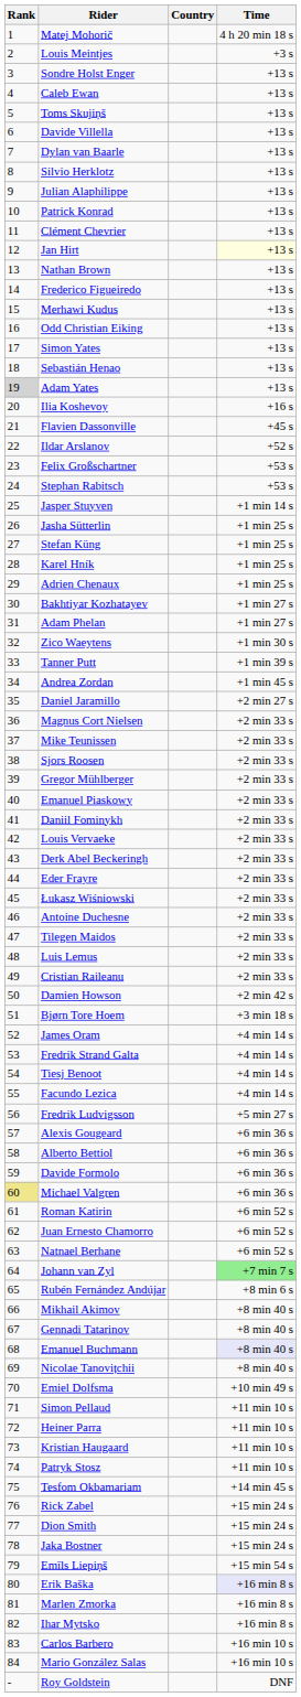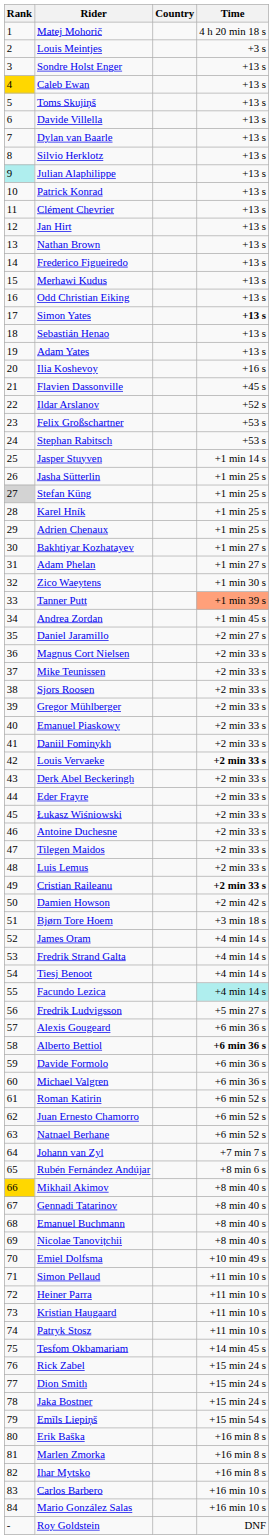 <table class="wikitable" style="font-size:95%; text-align:left;">
 <tr>
 <th>Rank</th>
 <th>Rider</th>
 <th>Country</th>
 <th>Time</th>
 </tr>
 <tr>
 <td>1</td>
 <td><a href='#'>Matej Mohorič</a></td>
 <td></td>
 <td align=right>4 h 20 min 18 s</td>
 </tr>
 <tr>
 <td>2</td>
 <td><a href='#'>Louis Meintjes</a></td>
 <td></td>
 <td align=right>+3 s</td>
 </tr>
 <tr>
 <td>3</td>
 <td><a href='#'>Sondre Holst Enger</a></td>
 <td></td>
 <td align=right>+13 s</td>
 </tr>
 <tr>
-<td>4</td>
+<td style="background: gold;">4</td>
 <td><a href='#'>Caleb Ewan</a></td>
 <td></td>
 <td align=right>+13 s</td>
 </tr>
 <tr>
 <td>5</td>
 <td><a href='#'>Toms Skujiņš</a></td>
 <td></td>
 <td align=right>+13 s</td>
 </tr>
 <tr>
 <td>6</td>
 <td><a href='#'>Davide Villella</a></td>
 <td></td>
 <td align=right>+13 s</td>
 </tr>
 <tr>
 <td>7</td>
 <td><a href='#'>Dylan van Baarle</a></td>
 <td></td>
 <td align=right>+13 s</td>
 </tr>
 <tr>
 <td>8</td>
 <td><a href='#'>Silvio Herklotz</a></td>
 <td></td>
 <td align=right>+13 s</td>
 </tr>
 <tr>
-<td>9</td>
+<td style="background: paleturquoise;">9</td>
 <td><a href='#'>Julian Alaphilippe</a></td>
 <td></td>
 <td align=right>+13 s</td>
 </tr>
 <tr>
 <td>10</td>
 <td><a href='#'>Patrick Konrad</a></td>
 <td></td>
 <td align=right>+13 s</td>
 </tr>
 <tr>
 <td>11</td>
 <td><a href='#'>Clément Chevrier</a></td>
 <td></td>
 <td align=right>+13 s</td>
 </tr>
 <tr>
 <td>12</td>
 <td><a href='#'>Jan Hirt</a></td>
 <td></td>
-<td align=right style="background: lightyellow;">+13 s</td>
+<td align=right>+13 s</td>
 </tr>
 <tr>
 <td>13</td>
 <td><a href='#'>Nathan Brown</a></td>
 <td></td>
 <td align=right>+13 s</td>
 </tr>
 <tr>
 <td>14</td>
 <td><a href='#'>Frederico Figueiredo</a></td>
 <td></td>
 <td align=right>+13 s</td>
 </tr>
 <tr>
 <td>15</td>
 <td><a href='#'>Merhawi Kudus</a></td>
 <td></td>
 <td align=right>+13 s</td>
 </tr>
 <tr>
 <td>16</td>
 <td><a href='#'>Odd Christian Eiking</a></td>
 <td></td>
 <td align=right>+13 s</td>
 </tr>
 <tr>
 <td>17</td>
 <td><a href='#'>Simon Yates</a></td>
 <td></td>
-<td align=right>+13 s</td>
+<td align=right><strong>+13 s</strong></td>
 </tr>
 <tr>
 <td>18</td>
 <td><a href='#'>Sebastián Henao</a></td>
 <td></td>
 <td align=right>+13 s</td>
 </tr>
 <tr>
-<td style="background: lightgrey;">19</td>
+<td>19</td>
 <td><a href='#'>Adam Yates</a></td>
 <td></td>
 <td align=right>+13 s</td>
 </tr>
 <tr>
 <td>20</td>
 <td><a href='#'>Ilia Koshevoy</a></td>
 <td></td>
 <td align=right>+16 s</td>
 </tr>
 <tr>
 <td>21</td>
 <td><a href='#'>Flavien Dassonville</a></td>
 <td></td>
 <td align=right>+45 s</td>
 </tr>
 <tr>
 <td>22</td>
 <td><a href='#'>Ildar Arslanov</a></td>
 <td></td>
 <td align=right>+52 s</td>
 </tr>
 <tr>
 <td>23</td>
 <td><a href='#'>Felix Großschartner</a></td>
 <td></td>
 <td align=right>+53 s</td>
 </tr>
 <tr>
 <td>24</td>
 <td><a href='#'>Stephan Rabitsch</a></td>
 <td></td>
 <td align=right>+53 s</td>
 </tr>
 <tr>
 <td>25</td>
 <td><a href='#'>Jasper Stuyven</a></td>
 <td></td>
 <td align=right>+1 min 14 s</td>
 </tr>
 <tr>
 <td>26</td>
 <td><a href='#'>Jasha Sütterlin</a></td>
 <td></td>
 <td align=right>+1 min 25 s</td>
 </tr>
 <tr>
-<td>27</td>
+<td style="background: lightgrey;">27</td>
 <td><a href='#'>Stefan Küng</a></td>
 <td></td>
 <td align=right>+1 min 25 s</td>
 </tr>
 <tr>
 <td>28</td>
 <td><a href='#'>Karel Hník</a></td>
 <td></td>
 <td align=right>+1 min 25 s</td>
 </tr>
 <tr>
 <td>29</td>
 <td><a href='#'>Adrien Chenaux</a></td>
 <td></td>
 <td align=right>+1 min 25 s</td>
 </tr>
 <tr>
 <td>30</td>
 <td><a href='#'>Bakhtiyar Kozhatayev</a></td>
 <td></td>
 <td align=right>+1 min 27 s</td>
 </tr>
 <tr>
 <td>31</td>
 <td><a href='#'>Adam Phelan</a></td>
 <td></td>
 <td align=right>+1 min 27 s</td>
 </tr>
 <tr>
 <td>32</td>
 <td><a href='#'>Zico Waeytens</a></td>
 <td></td>
 <td align=right>+1 min 30 s</td>
 </tr>
 <tr>
 <td>33</td>
 <td><a href='#'>Tanner Putt</a></td>
 <td></td>
-<td align=right>+1 min 39 s</td>
+<td align=right style="background: lightsalmon;">+1 min 39 s</td>
 </tr>
 <tr>
 <td>34</td>
 <td><a href='#'>Andrea Zordan</a></td>
 <td></td>
 <td align=right>+1 min 45 s</td>
 </tr>
 <tr>
 <td>35</td>
 <td><a href='#'>Daniel Jaramillo</a></td>
 <td></td>
 <td align=right>+2 min 27 s</td>
 </tr>
 <tr>
 <td>36</td>
 <td><a href='#'>Magnus Cort Nielsen</a></td>
 <td></td>
 <td align=right>+2 min 33 s</td>
 </tr>
 <tr>
 <td>37</td>
 <td><a href='#'>Mike Teunissen</a></td>
 <td></td>
 <td align=right>+2 min 33 s</td>
 </tr>
 <tr>
 <td>38</td>
 <td><a href='#'>Sjors Roosen</a></td>
 <td></td>
 <td align=right>+2 min 33 s</td>
 </tr>
 <tr>
 <td>39</td>
 <td><a href='#'>Gregor Mühlberger</a></td>
 <td></td>
 <td align=right>+2 min 33 s</td>
 </tr>
 <tr>
 <td>40</td>
 <td><a href='#'>Emanuel Piaskowy</a></td>
 <td></td>
 <td align=right>+2 min 33 s</td>
 </tr>
 <tr>
 <td>41</td>
 <td><a href='#'>Daniil Fominykh</a></td>
 <td></td>
 <td align=right>+2 min 33 s</td>
 </tr>
 <tr>
 <td>42</td>
 <td><a href='#'>Louis Vervaeke</a></td>
 <td></td>
-<td align=right>+2 min 33 s</td>
+<td align=right><strong>+2 min 33 s</strong></td>
 </tr>
 <tr>
 <td>43</td>
 <td><a href='#'>Derk Abel Beckeringh</a></td>
 <td></td>
 <td align=right>+2 min 33 s</td>
 </tr>
 <tr>
 <td>44</td>
 <td><a href='#'>Eder Frayre</a></td>
 <td></td>
 <td align=right>+2 min 33 s</td>
 </tr>
 <tr>
 <td>45</td>
 <td><a href='#'>Łukasz Wiśniowski</a></td>
 <td></td>
 <td align=right>+2 min 33 s</td>
 </tr>
 <tr>
 <td>46</td>
 <td><a href='#'>Antoine Duchesne</a></td>
 <td></td>
 <td align=right>+2 min 33 s</td>
 </tr>
 <tr>
 <td>47</td>
 <td><a href='#'>Tilegen Maidos</a></td>
 <td></td>
 <td align=right>+2 min 33 s</td>
 </tr>
 <tr>
 <td>48</td>
 <td><a href='#'>Luis Lemus</a></td>
 <td></td>
 <td align=right>+2 min 33 s</td>
 </tr>
 <tr>
 <td>49</td>
 <td><a href='#'>Cristian Raileanu</a></td>
 <td></td>
-<td align=right>+2 min 33 s</td>
+<td align=right><strong>+2 min 33 s</strong></td>
 </tr>
 <tr>
 <td>50</td>
 <td><a href='#'>Damien Howson</a></td>
 <td></td>
 <td align=right>+2 min 42 s</td>
 </tr>
 <tr>
 <td>51</td>
 <td><a href='#'>Bjørn Tore Hoem</a></td>
 <td></td>
 <td align=right>+3 min 18 s</td>
 </tr>
 <tr>
 <td>52</td>
 <td><a href='#'>James Oram</a></td>
 <td></td>
 <td align=right>+4 min 14 s</td>
 </tr>
 <tr>
 <td>53</td>
 <td><a href='#'>Fredrik Strand Galta</a></td>
 <td></td>
 <td align=right>+4 min 14 s</td>
 </tr>
 <tr>
 <td>54</td>
 <td><a href='#'>Tiesj Benoot</a></td>
 <td></td>
 <td align=right>+4 min 14 s</td>
 </tr>
 <tr>
 <td>55</td>
 <td><a href='#'>Facundo Lezica</a></td>
 <td></td>
-<td align=right>+4 min 14 s</td>
+<td align=right style="background: paleturquoise;">+4 min 14 s</td>
 </tr>
 <tr>
 <td>56</td>
 <td><a href='#'>Fredrik Ludvigsson</a></td>
 <td></td>
 <td align=right>+5 min 27 s</td>
 </tr>
 <tr>
 <td>57</td>
 <td><a href='#'>Alexis Gougeard</a></td>
 <td></td>
 <td align=right>+6 min 36 s</td>
 </tr>
 <tr>
 <td>58</td>
 <td><a href='#'>Alberto Bettiol</a></td>
 <td></td>
-<td align=right>+6 min 36 s</td>
+<td align=right><strong>+6 min 36 s</strong></td>
 </tr>
 <tr>
 <td>59</td>
 <td><a href='#'>Davide Formolo</a></td>
 <td></td>
 <td align=right>+6 min 36 s</td>
 </tr>
 <tr>
-<td style="background: khaki;">60</td>
+<td>60</td>
 <td><a href='#'>Michael Valgren</a></td>
 <td></td>
 <td align=right>+6 min 36 s</td>
 </tr>
 <tr>
 <td>61</td>
 <td><a href='#'>Roman Katirin</a></td>
 <td></td>
 <td align=right>+6 min 52 s</td>
 </tr>
 <tr>
 <td>62</td>
 <td><a href='#'>Juan Ernesto Chamorro</a></td>
 <td></td>
 <td align=right>+6 min 52 s</td>
 </tr>
 <tr>
 <td>63</td>
 <td><a href='#'>Natnael Berhane</a></td>
 <td></td>
 <td align=right>+6 min 52 s</td>
 </tr>
 <tr>
 <td>64</td>
 <td><a href='#'>Johann van Zyl</a></td>
 <td></td>
-<td align=right style="background: lightgreen;">+7 min 7 s</td>
+<td align=right>+7 min 7 s</td>
 </tr>
 <tr>
 <td>65</td>
 <td><a href='#'>Rubén Fernández Andújar</a></td>
 <td></td>
 <td align=right>+8 min 6 s</td>
 </tr>
 <tr>
-<td>66</td>
+<td style="background: gold;">66</td>
 <td><a href='#'>Mikhail Akimov</a></td>
 <td></td>
 <td align=right>+8 min 40 s</td>
 </tr>
 <tr>
 <td>67</td>
 <td><a href='#'>Gennadi Tatarinov</a></td>
 <td></td>
 <td align=right>+8 min 40 s</td>
 </tr>
 <tr>
 <td>68</td>
 <td><a href='#'>Emanuel Buchmann</a></td>
 <td></td>
-<td align=right style="background: lavender;">+8 min 40 s</td>
+<td align=right>+8 min 40 s</td>
 </tr>
 <tr>
 <td>69</td>
 <td><a href='#'>Nicolae Tanovițchii</a></td>
 <td></td>
 <td align=right>+8 min 40 s</td>
 </tr>
 <tr>
 <td>70</td>
 <td><a href='#'>Emiel Dolfsma</a></td>
 <td></td>
 <td align=right>+10 min 49 s</td>
 </tr>
 <tr>
 <td>71</td>
 <td><a href='#'>Simon Pellaud</a></td>
 <td></td>
 <td align=right>+11 min 10 s</td>
 </tr>
 <tr>
 <td>72</td>
 <td><a href='#'>Heiner Parra</a></td>
 <td></td>
 <td align=right>+11 min 10 s</td>
 </tr>
 <tr>
 <td>73</td>
 <td><a href='#'>Kristian Haugaard</a></td>
 <td></td>
 <td align=right>+11 min 10 s</td>
 </tr>
 <tr>
 <td>74</td>
 <td><a href='#'>Patryk Stosz</a></td>
 <td></td>
 <td align=right>+11 min 10 s</td>
 </tr>
 <tr>
 <td>75</td>
 <td><a href='#'>Tesfom Okbamariam</a></td>
 <td></td>
 <td align=right>+14 min 45 s</td>
 </tr>
 <tr>
 <td>76</td>
 <td><a href='#'>Rick Zabel</a></td>
 <td></td>
 <td align=right>+15 min 24 s</td>
 </tr>
 <tr>
 <td>77</td>
 <td><a href='#'>Dion Smith</a></td>
 <td></td>
 <td align=right>+15 min 24 s</td>
 </tr>
 <tr>
 <td>78</td>
 <td><a href='#'>Jaka Bostner</a></td>
 <td></td>
 <td align=right>+15 min 24 s</td>
 </tr>
 <tr>
 <td>79</td>
 <td><a href='#'>Emīls Liepiņš</a></td>
 <td></td>
 <td align=right>+15 min 54 s</td>
 </tr>
 <tr>
 <td>80</td>
 <td><a href='#'>Erik Baška</a></td>
 <td></td>
-<td align=right style="background: lavender;">+16 min 8 s</td>
+<td align=right>+16 min 8 s</td>
 </tr>
 <tr>
 <td>81</td>
 <td><a href='#'>Marlen Zmorka</a></td>
 <td></td>
 <td align=right>+16 min 8 s</td>
 </tr>
 <tr>
 <td>82</td>
 <td><a href='#'>Ihar Mytsko</a></td>
 <td></td>
 <td align=right>+16 min 8 s</td>
 </tr>
 <tr>
 <td>83</td>
 <td><a href='#'>Carlos Barbero</a></td>
 <td></td>
 <td align=right>+16 min 10 s</td>
 </tr>
 <tr>
 <td>84</td>
 <td><a href='#'>Mario González Salas</a></td>
 <td></td>
 <td align=right>+16 min 10 s</td>
 </tr>
 <tr>
 <td>-</td>
 <td><a href='#'>Roy Goldstein</a></td>
 <td></td>
 <td align=right>DNF</td>
 </tr>
 </table>
